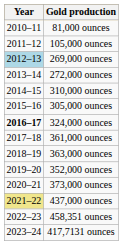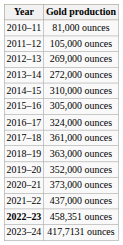 <table class="wikitable">
 <tr style="text-align:center; background:#daa520;">
 <th>Year</th>
 <th>Gold production</th>
 </tr>
 <tr style="text-align:center;">
 <td>2010–11</td>
 <td>81,000 ounces </td>
 </tr>
 <tr style="text-align:center;">
 <td>2011–12</td>
 <td>105,000 ounces </td>
 </tr>
 <tr style="text-align:center;">
-<td style="background: lightblue;">2012–13</td>
+<td>2012–13</td>
 <td>269,000 ounces </td>
 </tr>
 <tr style="text-align:center;">
 <td>2013–14</td>
 <td>272,000 ounces </td>
 </tr>
 <tr style="text-align:center;">
 <td>2014–15</td>
 <td>310,000 ounces </td>
 </tr>
 <tr style="text-align:center;">
 <td>2015–16</td>
 <td>305,000 ounces </td>
 </tr>
 <tr style="text-align:center;">
-<td><strong>2016–17</strong></td>
+<td>2016–17</td>
 <td>324,000 ounces </td>
 </tr>
 <tr style="text-align:center;">
 <td>2017–18</td>
 <td>361,000 ounces </td>
 </tr>
 <tr style="text-align:center;">
 <td>2018–19</td>
 <td>363,000 ounces </td>
 </tr>
 <tr style="text-align:center;">
 <td>2019–20</td>
 <td>352,000 ounces </td>
 </tr>
 <tr style="text-align:center;">
 <td>2020–21</td>
 <td>373,000 ounces </td>
 </tr>
 <tr style="text-align:center;">
-<td style="background: khaki;">2021–22</td>
+<td>2021–22</td>
 <td>437,000 ounces </td>
 </tr>
 <tr style="text-align:center;">
-<td>2022–23</td>
+<td><strong>2022–23</strong></td>
 <td>458,351 ounces </td>
 </tr>
 <tr style="text-align:center;">
 <td>2023–24</td>
 <td>417,7131 ounces </td>
 </tr>
 </table>
